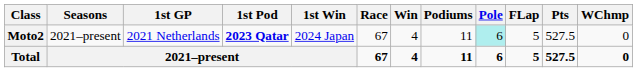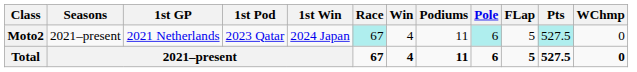 <table class="wikitable" style="text-align:right;">
 <tr>
 <th>Class</th>
 <th>Seasons</th>
 <th>1st GP</th>
 <th>1st Pod</th>
 <th>1st Win</th>
 <th>Race</th>
 <th>Win</th>
 <th>Podiums</th>
 <th><a href='#'>Pole</a></th>
 <th>FLap</th>
 <th>Pts</th>
 <th>WChmp</th>
 </tr>
 <tr>
 <th>Moto2</th>
 <td>2021–present</td>
 <td style="text-align:left;"><a href='#'>2021 Netherlands</a></td>
-<td style="text-align:left;"><strong><a href='#'>2023 Qatar</a></strong></td>
+<td style="text-align:left;"><a href='#'>2023 Qatar</a></td>
 <td style="text-align:left;"><a href='#'>2024 Japan</a></td>
-<td>67</td>
+<td style="background: paleturquoise;">67</td>
 <td>4</td>
 <td>11</td>
 <td style="background: paleturquoise;">6</td>
 <td>5</td>
-<td>527.5</td>
+<td style="background: paleturquoise;">527.5</td>
 <td>0</td>
 </tr>
 <tr>
 <th>Total</th>
 <th colspan="4">2021–present</th>
 <td><strong>67</strong></td>
 <td><strong>4</strong></td>
 <td><strong>11</strong></td>
 <td><strong>6</strong></td>
 <td><strong>5</strong></td>
 <td><strong>527.5</strong></td>
 <td><strong>0</strong></td>
 </tr>
 </table>
